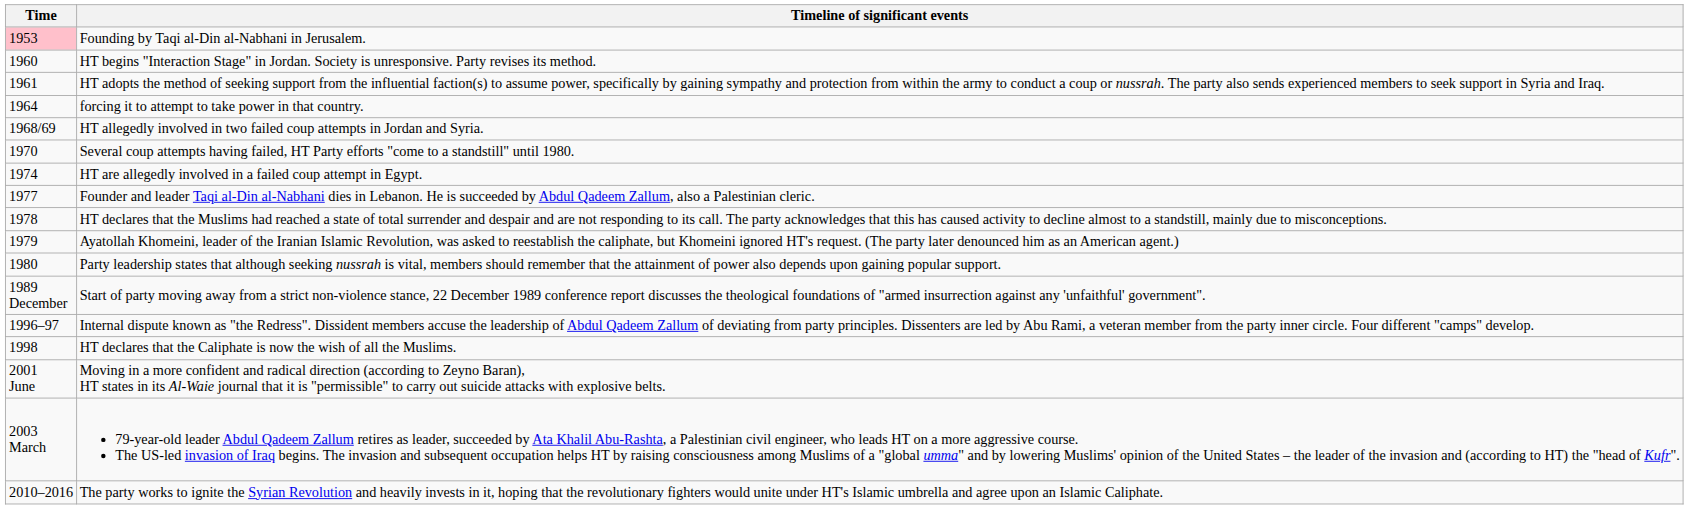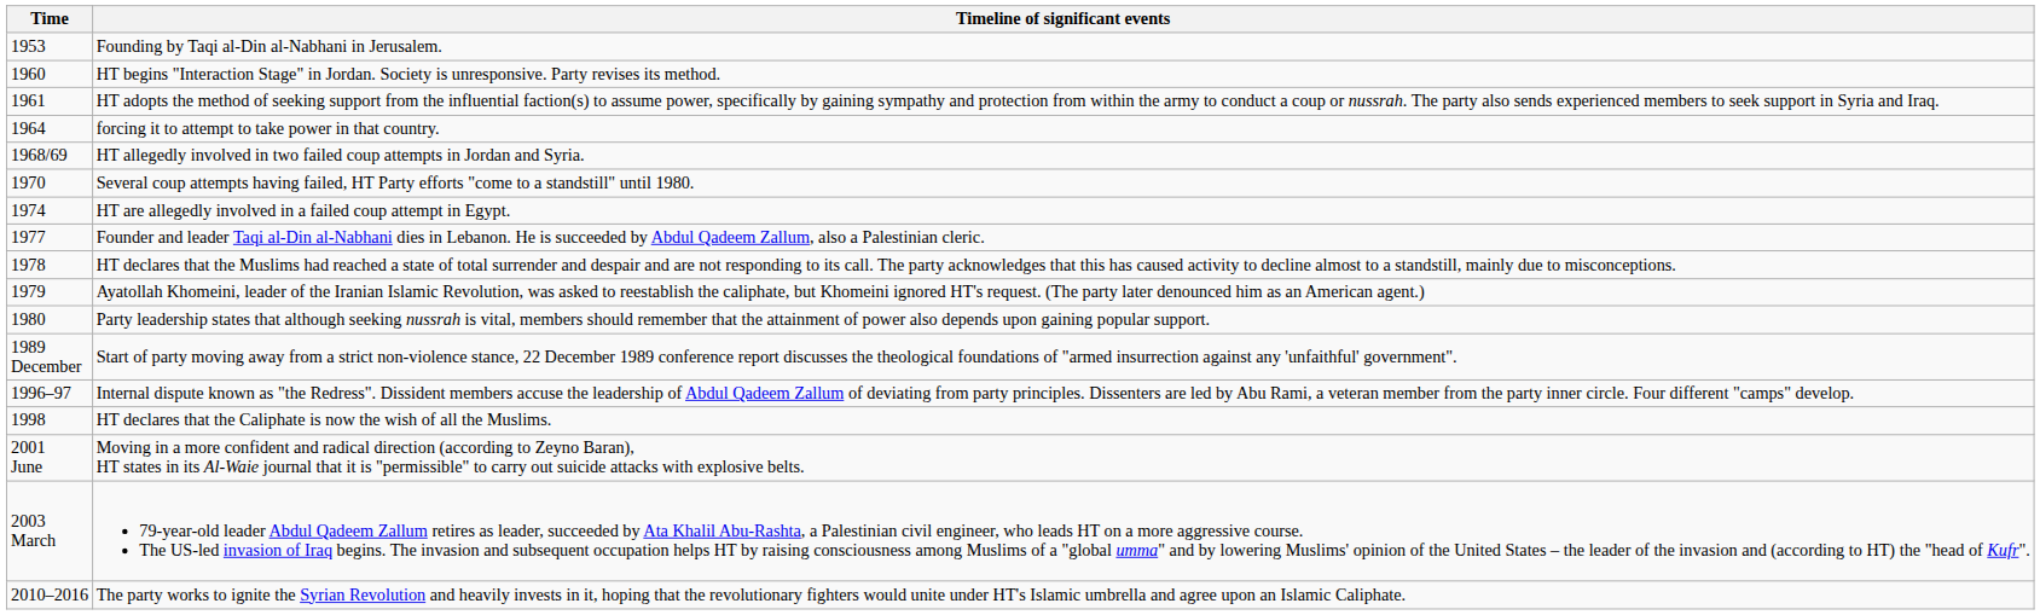 <table class="wikitable" style="float:right; text-align:left;">
 <tr>
 <th>Time</th>
 <th>Timeline of significant events</th>
 </tr>
 <tr>
-<td style="background: pink;">1953</td>
+<td>1953</td>
 <td>Founding by Taqi al-Din al-Nabhani in Jerusalem.</td>
 </tr>
 <tr>
 <td>1960</td>
 <td>HT begins "Interaction Stage" in Jordan. Society is unresponsive. Party revises its method.</td>
 </tr>
 <tr>
 <td>1961</td>
 <td>HT adopts the method of seeking support from the influential faction(s) to assume power, specifically by gaining sympathy and protection from within the army to conduct a coup or <em>nussrah</em>. The party also sends experienced members to seek support in Syria and Iraq.</td>
 </tr>
 <tr>
 <td>1964</td>
 <td>forcing it to attempt to take power in that country.</td>
 </tr>
 <tr>
 <td>1968/69</td>
 <td>HT allegedly involved in two failed coup attempts in Jordan and Syria.</td>
 </tr>
 <tr>
 <td>1970</td>
 <td>Several coup attempts having failed, HT Party efforts "come to a standstill" until 1980.</td>
 </tr>
 <tr>
 <td>1974</td>
 <td>HT are allegedly involved in a failed coup attempt in Egypt.</td>
 </tr>
 <tr>
 <td>1977</td>
 <td>Founder and leader <a href='#'>Taqi al-Din al-Nabhani</a> dies in Lebanon. He is succeeded by <a href='#'>Abdul Qadeem Zallum</a>, also a Palestinian cleric.</td>
 </tr>
 <tr>
 <td>1978</td>
 <td>HT declares that the Muslims had reached a state of total surrender and despair and are not responding to its call. The party acknowledges that this has caused activity to decline almost to a standstill, mainly due to misconceptions.</td>
 </tr>
 <tr>
 <td>1979</td>
 <td>Ayatollah Khomeini, leader of the Iranian Islamic Revolution, was asked to reestablish the caliphate, but Khomeini ignored HT's request. (The party later denounced him as an American agent.)</td>
 </tr>
 <tr>
 <td>1980</td>
 <td>Party leadership states that although seeking <em>nussrah</em> is vital, members should remember that the attainment of power also depends upon gaining popular support.</td>
 </tr>
 <tr>
 <td>1989<br>December</td>
 <td>Start of party moving away from a strict non-violence stance, 22 December 1989 conference report discusses the theological foundations of "armed insurrection against any 'unfaithful' government".</td>
 </tr>
 <tr>
 <td>1996–97</td>
 <td>Internal dispute known as "the Redress". Dissident members accuse the leadership of <a href='#'>Abdul Qadeem Zallum</a> of deviating from party principles. Dissenters are led by Abu Rami, a veteran member from the party inner circle. Four different "camps" develop.</td>
 </tr>
 <tr>
 <td>1998</td>
 <td>HT declares that the Caliphate is now the wish of all the Muslims.</td>
 </tr>
 <tr>
 <td>2001<br>June</td>
 <td>Moving in a more confident and radical direction (according to Zeyno Baran),<br> HT states in its <em>Al-Waie</em> journal that it is "permissible" to carry out suicide attacks with explosive belts.</td>
 </tr>
 <tr>
 <td>2003<br>March</td>
 <td><br><ul><li>79-year-old leader <a href='#'>Abdul Qadeem Zallum</a> retires as leader, succeeded by <a href='#'>Ata Khalil Abu-Rashta</a>, a Palestinian civil engineer, who leads HT on a more aggressive course.</li><li>The US-led <a href='#'>invasion of Iraq</a> begins. The invasion and subsequent  occupation helps HT by raising consciousness among Muslims of a "global <em><a href='#'>umma</a></em>" and by lowering Muslims' opinion of the United States – the leader of the invasion and (according to HT) the "head of <em><a href='#'>Kufr</a></em>".</li></ul></td>
 </tr>
 <tr>
 <td>2010–2016</td>
 <td>The party works to ignite the <a href='#'>Syrian Revolution</a> and heavily invests in it, hoping that the revolutionary fighters would unite under HT's Islamic umbrella and agree upon an Islamic Caliphate.</td>
 </tr>
 </table>
